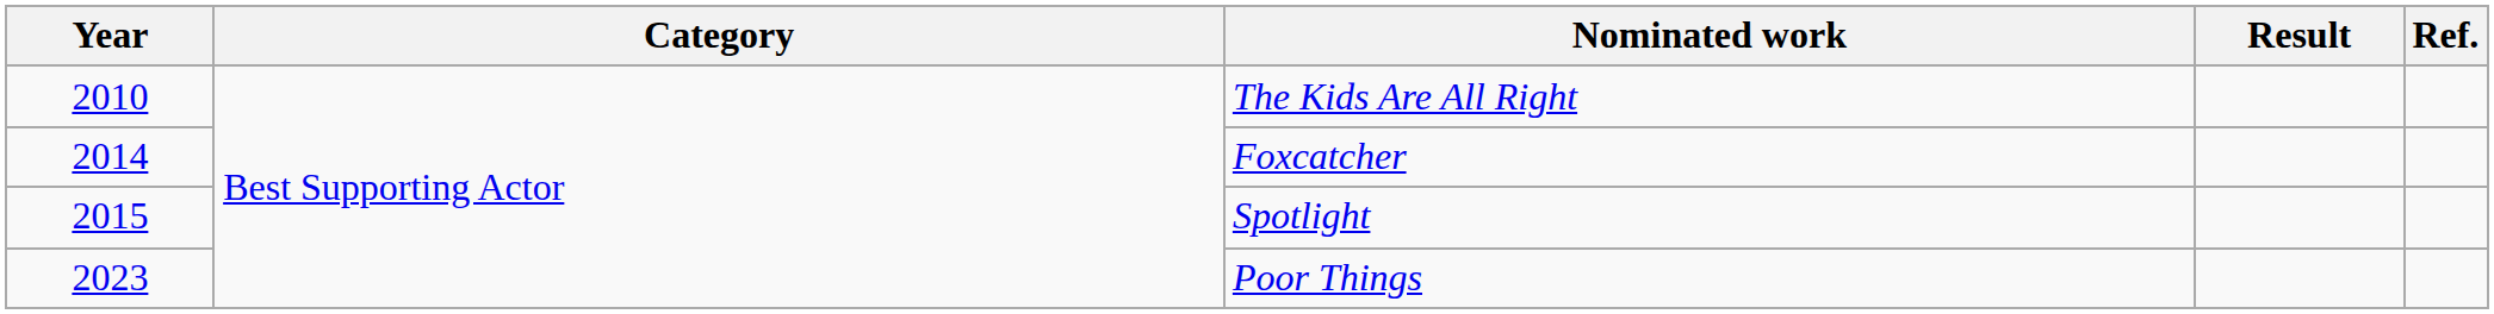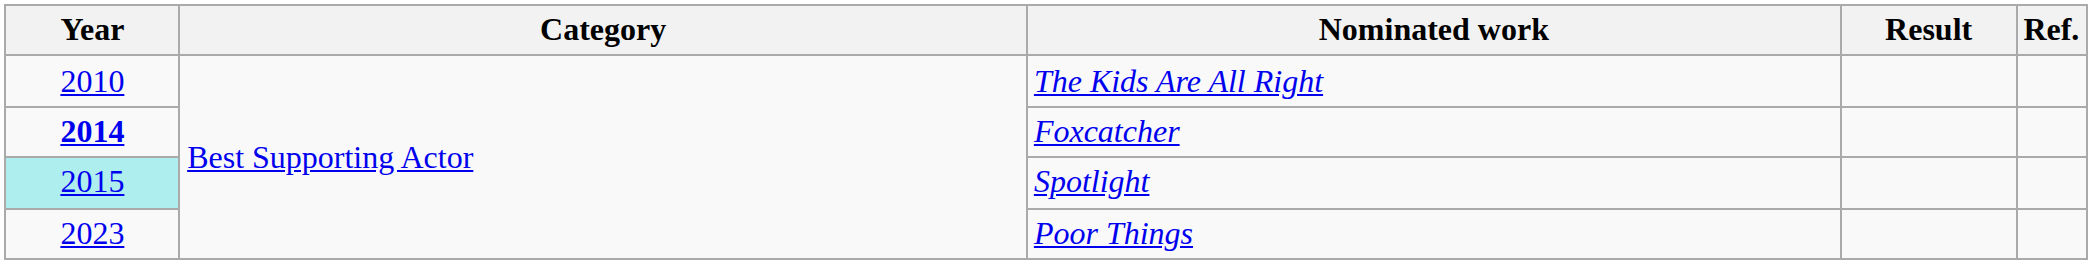 <table class=wikitable>
 <tr>
 <th scope="col" style="width:5em;">Year</th>
 <th scope="col" style="width:26em;">Category</th>
 <th scope="col" style="width:25em;">Nominated work</th>
 <th scope="col" style="width:5em;">Result</th>
 <th>Ref.</th>
 </tr>
 <tr>
 <td style="text-align:center;"><a href='#'>2010</a></td>
 <td rowspan="4"><a href='#'>Best Supporting Actor</a></td>
 <td><em><a href='#'>The Kids Are All Right</a></em></td>
 <td></td>
 <td style="text-align:center;"></td>
 </tr>
 <tr>
-<td style="text-align:center;"><a href='#'>2014</a></td>
+<td style="text-align:center;"><strong><a href='#'>2014</a></strong></td>
 <td><em><a href='#'>Foxcatcher</a></em></td>
 <td></td>
 <td style="text-align:center;"></td>
 </tr>
 <tr>
-<td style="text-align:center;"><a href='#'>2015</a></td>
+<td style="background: paleturquoise; text-align:center;"><a href='#'>2015</a></td>
 <td><em><a href='#'>Spotlight</a></em></td>
 <td></td>
 <td style="text-align:center;"></td>
 </tr>
 <tr>
 <td style="text-align:center;"><a href='#'>2023</a></td>
 <td><em><a href='#'>Poor Things</a></em></td>
 <td></td>
 <td style="text-align:center;"></td>
 </tr>
 </table>
